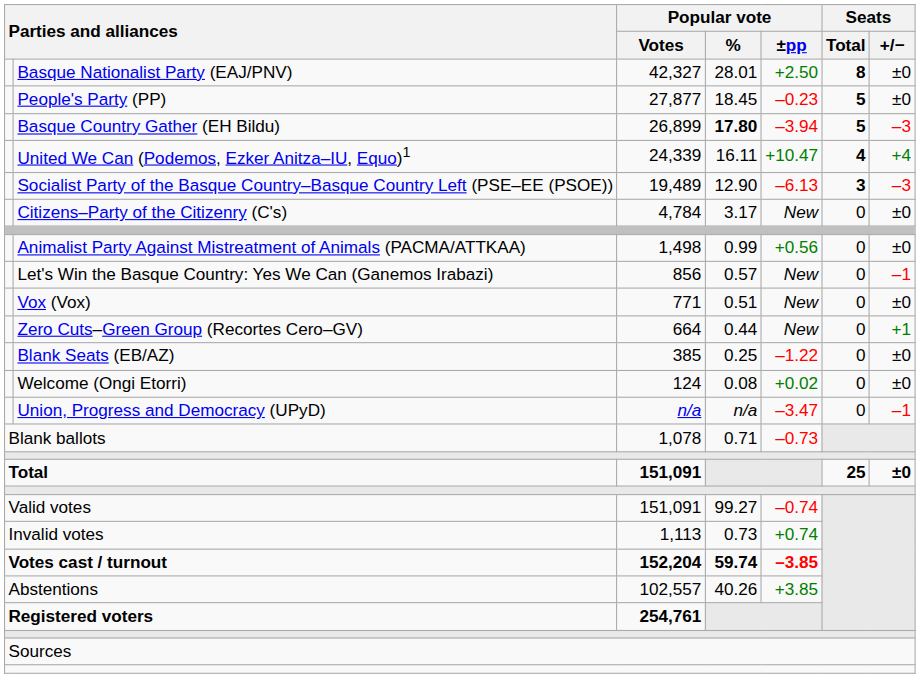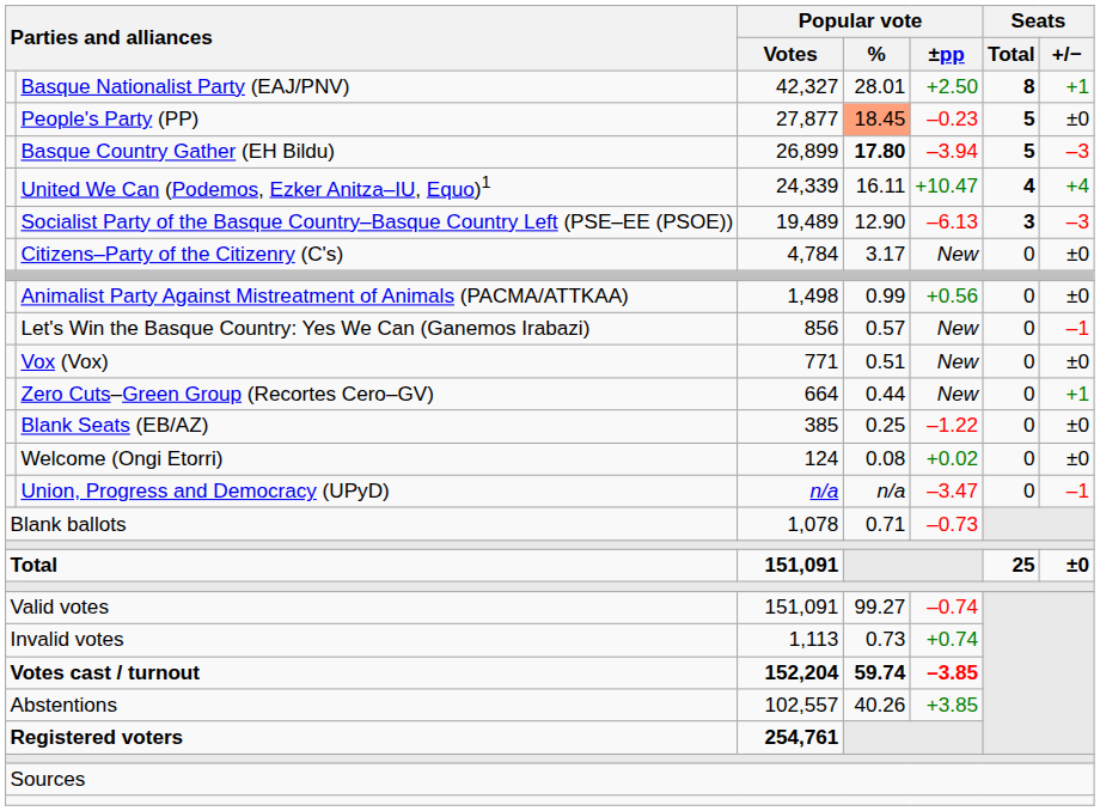 <table class="wikitable" style="text-align:right;">
 <tr>
 <th style="text-align:left;" rowspan="2" colspan="2" width="525">Parties and alliances</th>
 <th colspan="3">Popular vote</th>
 <th colspan="2">Seats</th>
 </tr>
 <tr>
 <th width="75">Votes</th>
 <th width="45">%</th>
 <th width="45">±<a href='#'>pp</a></th>
 <th width="35">Total</th>
 <th width="35">+/−</th>
 </tr>
 <tr>
 <td width="1" style="color:inherit;background:"></td>
 <td align="left"><a href='#'>Basque Nationalist Party</a> (EAJ/PNV)</td>
 <td>42,327</td>
 <td>28.01</td>
 <td style="color:green;">+2.50</td>
 <td><strong>8</strong></td>
-<td>±0</td>
+<td style="color:green;">+1</td>
 </tr>
 <tr>
 <td style="color:inherit;background:"></td>
 <td align="left"><a href='#'>People's Party</a> (PP)</td>
 <td>27,877</td>
-<td>18.45</td>
+<td style="background: lightsalmon;">18.45</td>
 <td style="color:red;">–0.23</td>
 <td><strong>5</strong></td>
 <td>±0</td>
 </tr>
 <tr>
 <td style="color:inherit;background:"></td>
 <td align="left"><a href='#'>Basque Country Gather</a> (EH Bildu)</td>
 <td>26,899</td>
 <td><strong>17.80</strong></td>
 <td style="color:red;">–3.94</td>
 <td><strong>5</strong></td>
 <td style="color:red;">–3</td>
 </tr>
 <tr>
 <td style="color:inherit;background:"></td>
 <td align="left"><a href='#'>United We Can</a> (<a href='#'>Podemos</a>, <a href='#'>Ezker Anitza–IU</a>, <a href='#'>Equo</a>)<sup>1</sup></td>
 <td>24,339</td>
 <td>16.11</td>
 <td style="color:green;">+10.47</td>
 <td><strong>4</strong></td>
 <td style="color:green;">+4</td>
 </tr>
 <tr>
 <td style="color:inherit;background:"></td>
 <td align="left"><a href='#'>Socialist Party of the Basque Country–Basque Country Left</a> (PSE–EE (PSOE))</td>
 <td>19,489</td>
 <td>12.90</td>
 <td style="color:red;">–6.13</td>
 <td><strong>3</strong></td>
 <td style="color:red;">–3</td>
 </tr>
 <tr>
 <td style="color:inherit;background:"></td>
 <td align="left"><a href='#'>Citizens–Party of the Citizenry</a> (C's)</td>
 <td>4,784</td>
 <td>3.17</td>
 <td><em>New</em></td>
 <td>0</td>
 <td>±0</td>
 </tr>
 <tr>
 <td colspan="7" bgcolor="#C0C0C0"></td>
 </tr>
 <tr>
 <td style="color:inherit;background:"></td>
 <td align="left"><a href='#'>Animalist Party Against Mistreatment of Animals</a> (PACMA/ATTKAA)</td>
 <td>1,498</td>
 <td>0.99</td>
 <td style="color:green;">+0.56</td>
 <td>0</td>
 <td>±0</td>
 </tr>
 <tr>
 <td style="color:inherit;background:"></td>
 <td align="left">Let's Win the Basque Country: Yes We Can (Ganemos Irabazi)</td>
 <td>856</td>
 <td>0.57</td>
 <td><em>New</em></td>
 <td>0</td>
 <td style="color:red;">–1</td>
 </tr>
 <tr>
 <td style="color:inherit;background:"></td>
 <td align="left"><a href='#'>Vox</a> (Vox)</td>
 <td>771</td>
 <td>0.51</td>
 <td><em>New</em></td>
 <td>0</td>
 <td>±0</td>
 </tr>
 <tr>
 <td style="color:inherit;background:"></td>
 <td align="left"><a href='#'>Zero Cuts</a>–<a href='#'>Green Group</a> (Recortes Cero–GV)</td>
 <td>664</td>
 <td>0.44</td>
 <td><em>New</em></td>
 <td>0</td>
 <td style="color:green;">+1</td>
 </tr>
 <tr>
 <td style="color:inherit;background:"></td>
 <td align="left"><a href='#'>Blank Seats</a> (EB/AZ)</td>
 <td>385</td>
 <td>0.25</td>
 <td style="color:red;">–1.22</td>
 <td>0</td>
 <td>±0</td>
 </tr>
 <tr>
 <td style="color:inherit;background:"></td>
 <td align="left">Welcome (Ongi Etorri)</td>
 <td>124</td>
 <td>0.08</td>
 <td style="color:green;">+0.02</td>
 <td>0</td>
 <td>±0</td>
 </tr>
 <tr>
 <td style="color:inherit;background:"></td>
 <td align="left"><a href='#'>Union, Progress and Democracy</a> (UPyD)</td>
 <td><em><a href='#'>n/a</a></em></td>
 <td><em>n/a</em></td>
 <td style="color:red;">–3.47</td>
 <td>0</td>
 <td style="color:red;">–1</td>
 </tr>
 <tr>
 <td align="left" colspan="2">Blank ballots</td>
 <td>1,078</td>
 <td>0.71</td>
 <td style="color:red;">–0.73</td>
 <td bgcolor="#E9E9E9" colspan="2"></td>
 </tr>
 <tr>
 <td colspan="7" bgcolor="#E9E9E9"></td>
 </tr>
 <tr style="font-weight:bold;">
 <td align="left" colspan="2">Total</td>
 <td>151,091</td>
 <td bgcolor="#E9E9E9" colspan="2"></td>
 <td>25</td>
 <td>±0</td>
 </tr>
 <tr>
 <td colspan="7" bgcolor="#E9E9E9"></td>
 </tr>
 <tr>
 <td align="left" colspan="2">Valid votes</td>
 <td>151,091</td>
 <td>99.27</td>
 <td style="color:red;">–0.74</td>
 <td bgcolor="#E9E9E9" colspan="2" rowspan="5"></td>
 </tr>
 <tr>
 <td align="left" colspan="2">Invalid votes</td>
 <td>1,113</td>
 <td>0.73</td>
 <td style="color:green;">+0.74</td>
 </tr>
 <tr style="font-weight:bold;">
 <td align="left" colspan="2">Votes cast / turnout</td>
 <td>152,204</td>
 <td>59.74</td>
 <td style="color:red;">–3.85</td>
 </tr>
 <tr>
 <td align="left" colspan="2">Abstentions</td>
 <td>102,557</td>
 <td>40.26</td>
 <td style="color:green;">+3.85</td>
 </tr>
 <tr style="font-weight:bold;">
 <td align="left" colspan="2">Registered voters</td>
 <td>254,761</td>
 <td bgcolor="#E9E9E9" colspan="2"></td>
 </tr>
 <tr>
 <td colspan="7" bgcolor="#E9E9E9"></td>
 </tr>
 <tr>
 <td align="left" colspan="7">Sources</td>
 </tr>
 <tr>
 <td colspan="7" style="text-align:left; max-width:790px;"></td>
 </tr>
 </table>
